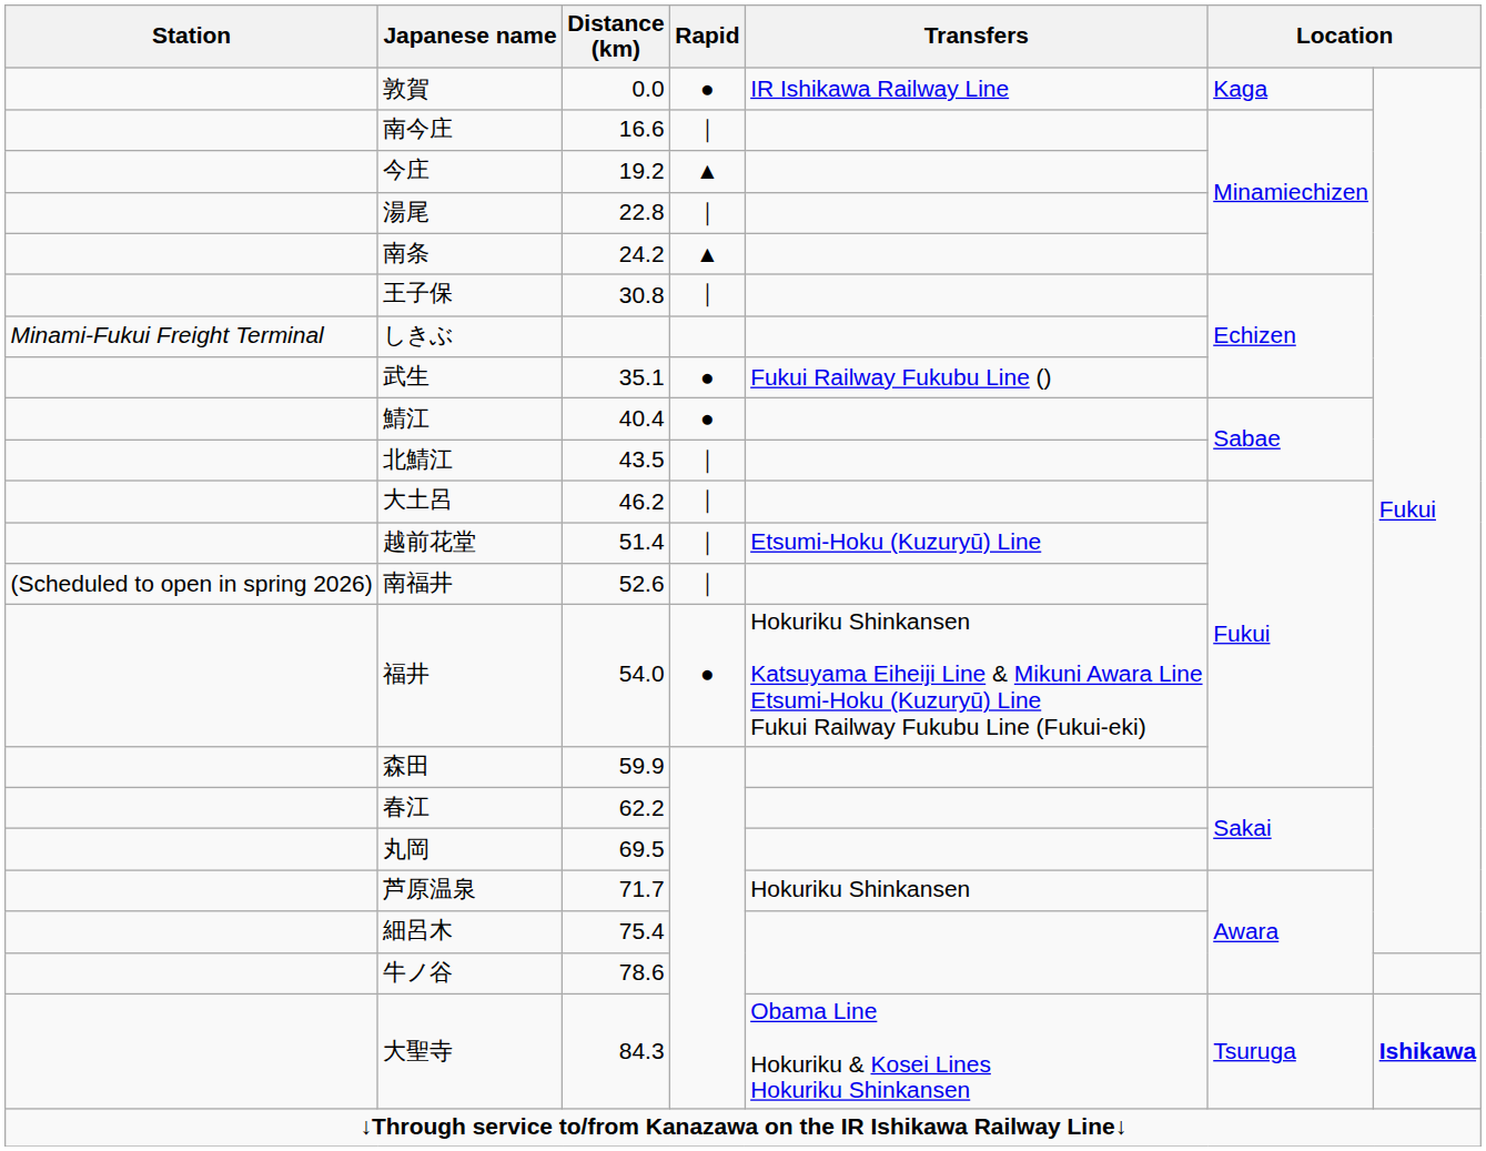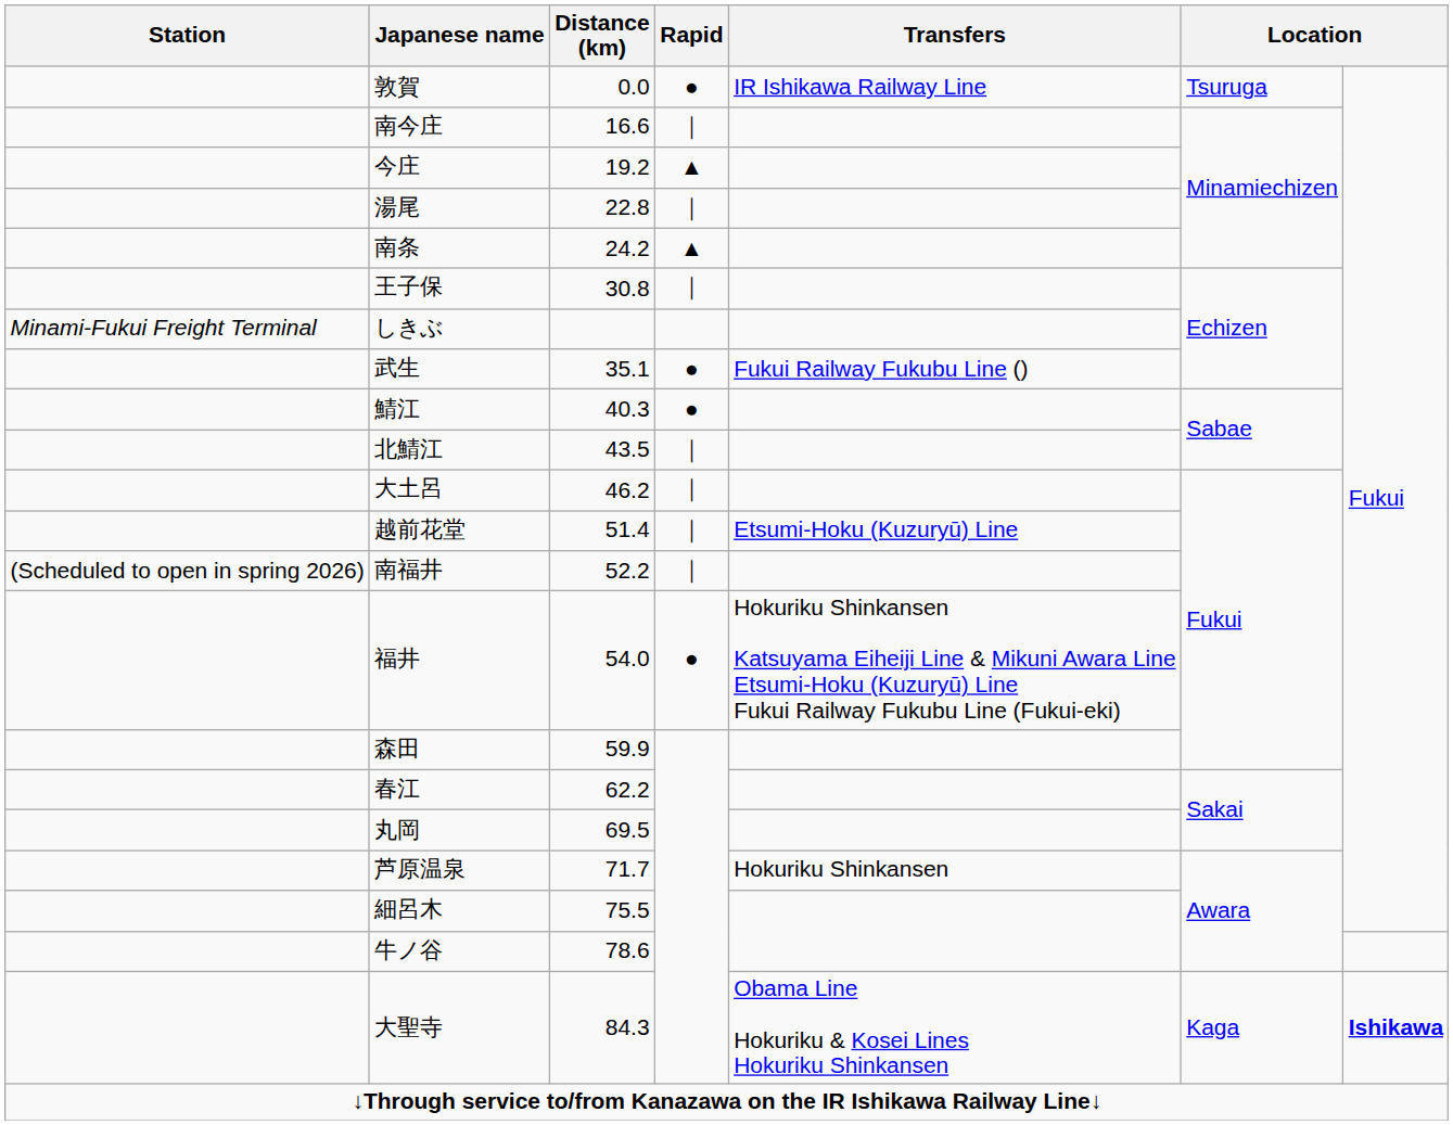 <table class="wikitable">
 <tr>
 <th>Station</th>
 <th>Japanese name</th>
 <th>Distance<br>(km)</th>
 <th>Rapid</th>
 <th>Transfers</th>
 <th colspan="2">Location</th>
 </tr>
 <tr>
 <td></td>
 <td>敦賀</td>
 <td align=right>0.0</td>
 <td align="center">●</td>
 <td><a href='#'>IR Ishikawa Railway Line</a></td>
-<td><a href='#'>Kaga</a></td>
+<td><a href='#'>Tsuruga</a></td>
 <td rowspan="19"><a href='#'>Fukui</a></td>
 </tr>
 <tr>
 <td></td>
 <td>南今庄</td>
 <td align=right>16.6</td>
 <td align="center">｜</td>
 <td></td>
 <td rowspan="4"><a href='#'>Minamiechizen</a></td>
 </tr>
 <tr>
 <td></td>
 <td>今庄</td>
 <td align=right>19.2</td>
 <td align="center">▲</td>
 <td></td>
 </tr>
 <tr>
 <td></td>
 <td>湯尾</td>
 <td align=right>22.8</td>
 <td align="center">｜</td>
 <td></td>
 </tr>
 <tr>
 <td></td>
 <td>南条</td>
 <td align=right>24.2</td>
 <td align="center">▲</td>
 <td></td>
 </tr>
 <tr>
 <td></td>
 <td>王子保</td>
 <td align=right>30.8</td>
 <td align="center">｜</td>
 <td></td>
 <td rowspan="3"><a href='#'>Echizen</a></td>
 </tr>
 <tr>
 <td><em>Minami-Fukui Freight Terminal</em></td>
 <td>しきぶ</td>
 <td align=right></td>
 <td align="center"></td>
 <td></td>
 </tr>
 <tr>
 <td></td>
 <td>武生</td>
 <td align=right>35.1</td>
 <td align="center">●</td>
 <td><a href='#'>Fukui Railway Fukubu Line</a> ()</td>
 </tr>
 <tr>
 <td></td>
 <td>鯖江</td>
-<td align=right>40.4</td>
+<td align=right>40.3</td>
 <td align="center">●</td>
 <td></td>
 <td rowspan="2"><a href='#'>Sabae</a></td>
 </tr>
 <tr>
 <td></td>
 <td>北鯖江</td>
 <td align=right>43.5</td>
 <td align="center">｜</td>
 <td></td>
 </tr>
 <tr>
 <td></td>
 <td>大土呂</td>
 <td align=right>46.2</td>
 <td align="center">｜</td>
 <td></td>
 <td rowspan="5"><a href='#'>Fukui</a></td>
 </tr>
 <tr>
 <td></td>
 <td>越前花堂</td>
 <td align=right>51.4</td>
 <td align="center">｜</td>
 <td><a href='#'>Etsumi-Hoku (Kuzuryū) Line</a></td>
 </tr>
 <tr>
 <td> (Scheduled to open in spring 2026)</td>
 <td>南福井</td>
-<td align=right>52.6</td>
+<td align=right>52.2</td>
 <td align="center">｜</td>
 <td></td>
 </tr>
 <tr>
 <td></td>
 <td>福井</td>
 <td align=right>54.0</td>
 <td align="center">●</td>
 <td> Hokuriku Shinkansen<br><br><a href='#'>Katsuyama Eiheiji Line</a> & <a href='#'>Mikuni Awara Line</a><br> <a href='#'>Etsumi-Hoku (Kuzuryū) Line</a><br> Fukui Railway Fukubu Line (Fukui-eki)</td>
 </tr>
 <tr>
 <td></td>
 <td>森田</td>
 <td align=right>59.9</td>
 <td rowspan="7"></td>
 <td></td>
 </tr>
 <tr>
 <td></td>
 <td>春江</td>
 <td align=right>62.2</td>
 <td></td>
 <td rowspan="2"><a href='#'>Sakai</a></td>
 </tr>
 <tr>
 <td></td>
 <td>丸岡</td>
 <td align=right>69.5</td>
 <td></td>
 </tr>
 <tr>
 <td></td>
 <td>芦原温泉</td>
 <td align=right>71.7</td>
 <td> Hokuriku Shinkansen</td>
 <td rowspan="3"><a href='#'>Awara</a></td>
 </tr>
 <tr>
 <td></td>
 <td>細呂木</td>
-<td align=right>75.4</td>
+<td align=right>75.5</td>
 </tr>
 <tr>
 <td></td>
 <td>牛ノ谷</td>
 <td align=right>78.6</td>
 </tr>
 <tr>
 <td></td>
 <td>大聖寺</td>
 <td align=right>84.3</td>
 <td><a href='#'>Obama Line</a><br><br>  Hokuriku & <a href='#'>Kosei Lines</a><br>  <a href='#'>Hokuriku Shinkansen</a></td>
-<td><a href='#'>Tsuruga</a></td>
+<td><a href='#'>Kaga</a></td>
 <td rowspan="1"><strong><a href='#'>Ishikawa</a></strong></td>
 </tr>
 <tr>
 <td colspan="7" align= "center"><strong>↓Through service to/from Kanazawa on the IR Ishikawa Railway Line↓</strong></td>
 </tr>
 </table>
